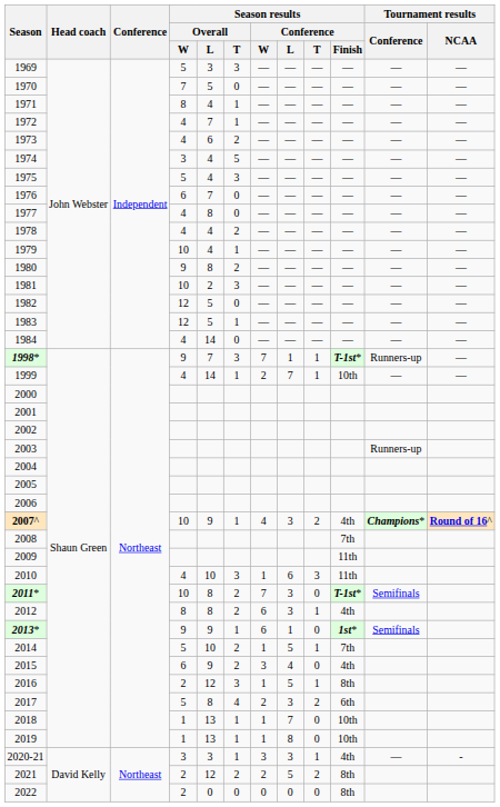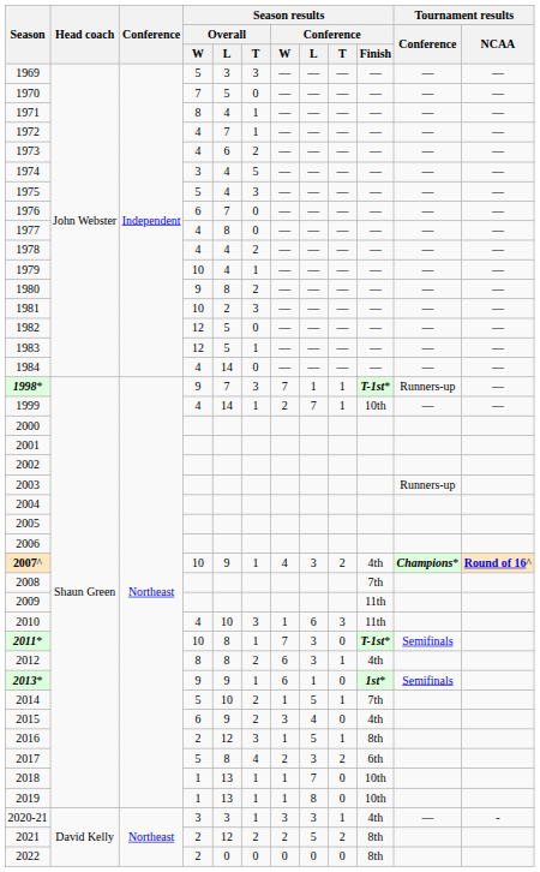 <table class="wikitable" style="font-size: 95%; text-align:center;">
 <tr>
 <th rowspan=3>Season</th>
 <th rowspan=3>Head coach</th>
 <th rowspan=3>Conference</th>
 <th colspan=7>Season results</th>
 <th colspan=2>Tournament results</th>
 </tr>
 <tr>
 <th colspan=3>Overall</th>
 <th colspan=4>Conference</th>
 <th rowspan=2>Conference</th>
 <th rowspan=2>NCAA</th>
 </tr>
 <tr>
 <th width=30>W</th>
 <th width=30>L</th>
 <th width=30>T</th>
 <th width=30>W</th>
 <th width=30>L</th>
 <th width=30>T</th>
 <th>Finish</th>
 </tr>
 <tr>
 <td>1969</td>
 <td rowspan="16">John Webster</td>
 <td rowspan="16"><a href='#'>Independent</a></td>
 <td>5</td>
 <td>3</td>
 <td>3</td>
 <td>—</td>
 <td>—</td>
 <td>—</td>
 <td>—</td>
 <td>—</td>
 <td>—</td>
 </tr>
 <tr>
 <td>1970</td>
 <td>7</td>
 <td>5</td>
 <td>0</td>
 <td>—</td>
 <td>—</td>
 <td>—</td>
 <td>—</td>
 <td>—</td>
 <td>—</td>
 </tr>
 <tr>
 <td>1971</td>
 <td>8</td>
 <td>4</td>
 <td>1</td>
 <td>—</td>
 <td>—</td>
 <td>—</td>
 <td>—</td>
 <td>—</td>
 <td>—</td>
 </tr>
 <tr>
 <td>1972</td>
 <td>4</td>
 <td>7</td>
 <td>1</td>
 <td>—</td>
 <td>—</td>
 <td>—</td>
 <td>—</td>
 <td>—</td>
 <td>—</td>
 </tr>
 <tr>
 <td>1973</td>
 <td>4</td>
 <td>6</td>
 <td>2</td>
 <td>—</td>
 <td>—</td>
 <td>—</td>
 <td>—</td>
 <td>—</td>
 <td>—</td>
 </tr>
 <tr>
 <td>1974</td>
 <td>3</td>
 <td>4</td>
 <td>5</td>
 <td>—</td>
 <td>—</td>
 <td>—</td>
 <td>—</td>
 <td>—</td>
 <td>—</td>
 </tr>
 <tr>
 <td>1975</td>
 <td>5</td>
 <td>4</td>
 <td>3</td>
 <td>—</td>
 <td>—</td>
 <td>—</td>
 <td>—</td>
 <td>—</td>
 <td>—</td>
 </tr>
 <tr>
 <td>1976</td>
 <td>6</td>
 <td>7</td>
 <td>0</td>
 <td>—</td>
 <td>—</td>
 <td>—</td>
 <td>—</td>
 <td>—</td>
 <td>—</td>
 </tr>
 <tr>
 <td>1977</td>
 <td>4</td>
 <td>8</td>
 <td>0</td>
 <td>—</td>
 <td>—</td>
 <td>—</td>
 <td>—</td>
 <td>—</td>
 <td>—</td>
 </tr>
 <tr>
 <td>1978</td>
 <td>4</td>
 <td>4</td>
 <td>2</td>
 <td>—</td>
 <td>—</td>
 <td>—</td>
 <td>—</td>
 <td>—</td>
 <td>—</td>
 </tr>
 <tr>
 <td>1979</td>
 <td>10</td>
 <td>4</td>
 <td>1</td>
 <td>—</td>
 <td>—</td>
 <td>—</td>
 <td>—</td>
 <td>—</td>
 <td>—</td>
 </tr>
 <tr>
 <td>1980</td>
 <td>9</td>
 <td>8</td>
 <td>2</td>
 <td>—</td>
 <td>—</td>
 <td>—</td>
 <td>—</td>
 <td>—</td>
 <td>—</td>
 </tr>
 <tr>
 <td>1981</td>
 <td>10</td>
 <td>2</td>
 <td>3</td>
 <td>—</td>
 <td>—</td>
 <td>—</td>
 <td>—</td>
 <td>—</td>
 <td>—</td>
 </tr>
 <tr>
 <td>1982</td>
 <td>12</td>
 <td>5</td>
 <td>0</td>
 <td>—</td>
 <td>—</td>
 <td>—</td>
 <td>—</td>
 <td>—</td>
 <td>—</td>
 </tr>
 <tr>
 <td>1983</td>
 <td>12</td>
 <td>5</td>
 <td>1</td>
 <td>—</td>
 <td>—</td>
 <td>—</td>
 <td>—</td>
 <td>—</td>
 <td>—</td>
 </tr>
 <tr>
 <td>1984</td>
 <td>4</td>
 <td>14</td>
 <td>0</td>
 <td>—</td>
 <td>—</td>
 <td>—</td>
 <td>—</td>
 <td>—</td>
 <td>—</td>
 </tr>
 <tr>
 <td bgcolor="#ddffdd"><strong><em> 1998</em></strong>*</td>
 <td rowspan="22">Shaun Green</td>
 <td rowspan="22”"><a href='#'>Northeast</a></td>
 <td>9</td>
 <td>7</td>
 <td>3</td>
 <td>7</td>
 <td>1</td>
 <td>1</td>
 <td bgcolor="#ddffdd"><strong><em>T-1st</em></strong>*</td>
 <td>Runners-up</td>
 <td>—</td>
 </tr>
 <tr>
 <td>1999</td>
 <td>4</td>
 <td>14</td>
 <td>1</td>
 <td>2</td>
 <td>7</td>
 <td>1</td>
 <td>10th</td>
 <td>—</td>
 <td>—</td>
 </tr>
 <tr>
 <td>2000</td>
 <td></td>
 <td></td>
 <td></td>
 <td></td>
 <td></td>
 <td></td>
 <td></td>
 <td></td>
 <td></td>
 </tr>
 <tr>
 <td>2001</td>
 <td></td>
 <td></td>
 <td></td>
 <td></td>
 <td></td>
 <td></td>
 <td></td>
 <td></td>
 <td></td>
 </tr>
 <tr>
 <td>2002</td>
 <td></td>
 <td></td>
 <td></td>
 <td></td>
 <td></td>
 <td></td>
 <td></td>
 <td></td>
 <td></td>
 </tr>
 <tr>
 <td>2003</td>
 <td></td>
 <td></td>
 <td></td>
 <td></td>
 <td></td>
 <td></td>
 <td></td>
 <td>Runners-up</td>
 <td></td>
 </tr>
 <tr>
 <td>2004</td>
 <td></td>
 <td></td>
 <td></td>
 <td></td>
 <td></td>
 <td></td>
 <td></td>
 <td></td>
 <td></td>
 </tr>
 <tr>
 <td>2005</td>
 <td></td>
 <td></td>
 <td></td>
 <td></td>
 <td></td>
 <td></td>
 <td></td>
 <td></td>
 <td></td>
 </tr>
 <tr>
 <td>2006</td>
 <td></td>
 <td></td>
 <td></td>
 <td></td>
 <td></td>
 <td></td>
 <td></td>
 <td></td>
 <td></td>
 </tr>
 <tr>
 <td bgcolor="#ffe6bd"><strong>2007</strong>^</td>
 <td>10</td>
 <td>9</td>
 <td>1</td>
 <td>4</td>
 <td>3</td>
 <td>2</td>
 <td>4th</td>
 <td bgcolor="#ddffdd"><strong><em>Champions</em></strong>*</td>
 <td bgcolor="#ffe6bd"><strong><a href='#'>Round of 16</a></strong>^</td>
 </tr>
 <tr>
 <td>2008</td>
 <td></td>
 <td></td>
 <td></td>
 <td></td>
 <td></td>
 <td></td>
 <td>7th</td>
 <td></td>
 <td></td>
 </tr>
 <tr>
 <td>2009</td>
 <td></td>
 <td></td>
 <td></td>
 <td></td>
 <td></td>
 <td></td>
 <td>11th</td>
 <td></td>
 <td></td>
 </tr>
 <tr>
 <td>2010</td>
 <td>4</td>
 <td>10</td>
 <td>3</td>
 <td>1</td>
 <td>6</td>
 <td>3</td>
 <td>11th</td>
 <td></td>
 <td></td>
 </tr>
 <tr>
 <td bgcolor="#ddffdd"><strong><em> 2011</em></strong>*</td>
 <td>10</td>
 <td>8</td>
-<td>2</td>
+<td>1</td>
 <td>7</td>
 <td>3</td>
 <td>0</td>
 <td bgcolor="#ddffdd"><strong><em>T-1st</em></strong>*</td>
 <td><a href='#'>Semifinals</a></td>
 <td></td>
 </tr>
 <tr>
 <td>2012</td>
 <td>8</td>
 <td>8</td>
 <td>2</td>
 <td>6</td>
 <td>3</td>
 <td>1</td>
 <td>4th</td>
 <td></td>
 <td></td>
 </tr>
 <tr>
 <td bgcolor="#ddffdd"><strong><em> 2013</em></strong>*</td>
 <td>9</td>
 <td>9</td>
 <td>1</td>
 <td>6</td>
 <td>1</td>
 <td>0</td>
 <td bgcolor="#ddffdd"><strong><em>1st</em></strong>*</td>
 <td><a href='#'>Semifinals</a></td>
 <td></td>
 </tr>
 <tr>
 <td>2014</td>
 <td>5</td>
 <td>10</td>
 <td>2</td>
 <td>1</td>
 <td>5</td>
 <td>1</td>
 <td>7th</td>
 <td></td>
 <td></td>
 </tr>
 <tr>
 <td>2015</td>
 <td>6</td>
 <td>9</td>
 <td>2</td>
 <td>3</td>
 <td>4</td>
 <td>0</td>
 <td>4th</td>
 <td></td>
 <td></td>
 </tr>
 <tr>
 <td>2016</td>
 <td>2</td>
 <td>12</td>
 <td>3</td>
 <td>1</td>
 <td>5</td>
 <td>1</td>
 <td>8th</td>
 <td></td>
 <td></td>
 </tr>
 <tr>
 <td>2017</td>
 <td>5</td>
 <td>8</td>
 <td>4</td>
 <td>2</td>
 <td>3</td>
 <td>2</td>
 <td>6th</td>
 <td></td>
 <td></td>
 </tr>
 <tr>
 <td>2018</td>
 <td>1</td>
 <td>13</td>
 <td>1</td>
 <td>1</td>
 <td>7</td>
 <td>0</td>
 <td>10th</td>
 <td></td>
 <td></td>
 </tr>
 <tr>
 <td>2019</td>
 <td>1</td>
 <td>13</td>
 <td>1</td>
 <td>1</td>
 <td>8</td>
 <td>0</td>
 <td>10th</td>
 <td></td>
 <td></td>
 </tr>
 <tr>
 <td>2020-21</td>
 <td rowspan="3">David Kelly</td>
 <td rowspan="3"><a href='#'>Northeast</a></td>
 <td>3</td>
 <td>3</td>
 <td>1</td>
 <td>3</td>
 <td>3</td>
 <td>1</td>
 <td>4th</td>
 <td>—</td>
 <td>-</td>
 </tr>
 <tr>
 <td>2021</td>
 <td>2</td>
 <td>12</td>
 <td>2</td>
 <td>2</td>
 <td>5</td>
 <td>2</td>
 <td>8th</td>
 <td></td>
 <td></td>
 </tr>
 <tr>
 <td>2022</td>
 <td>2</td>
 <td>0</td>
 <td>0</td>
 <td>0</td>
 <td>0</td>
 <td>0</td>
 <td>8th</td>
 <td></td>
 <td></td>
 </tr>
 </table>
